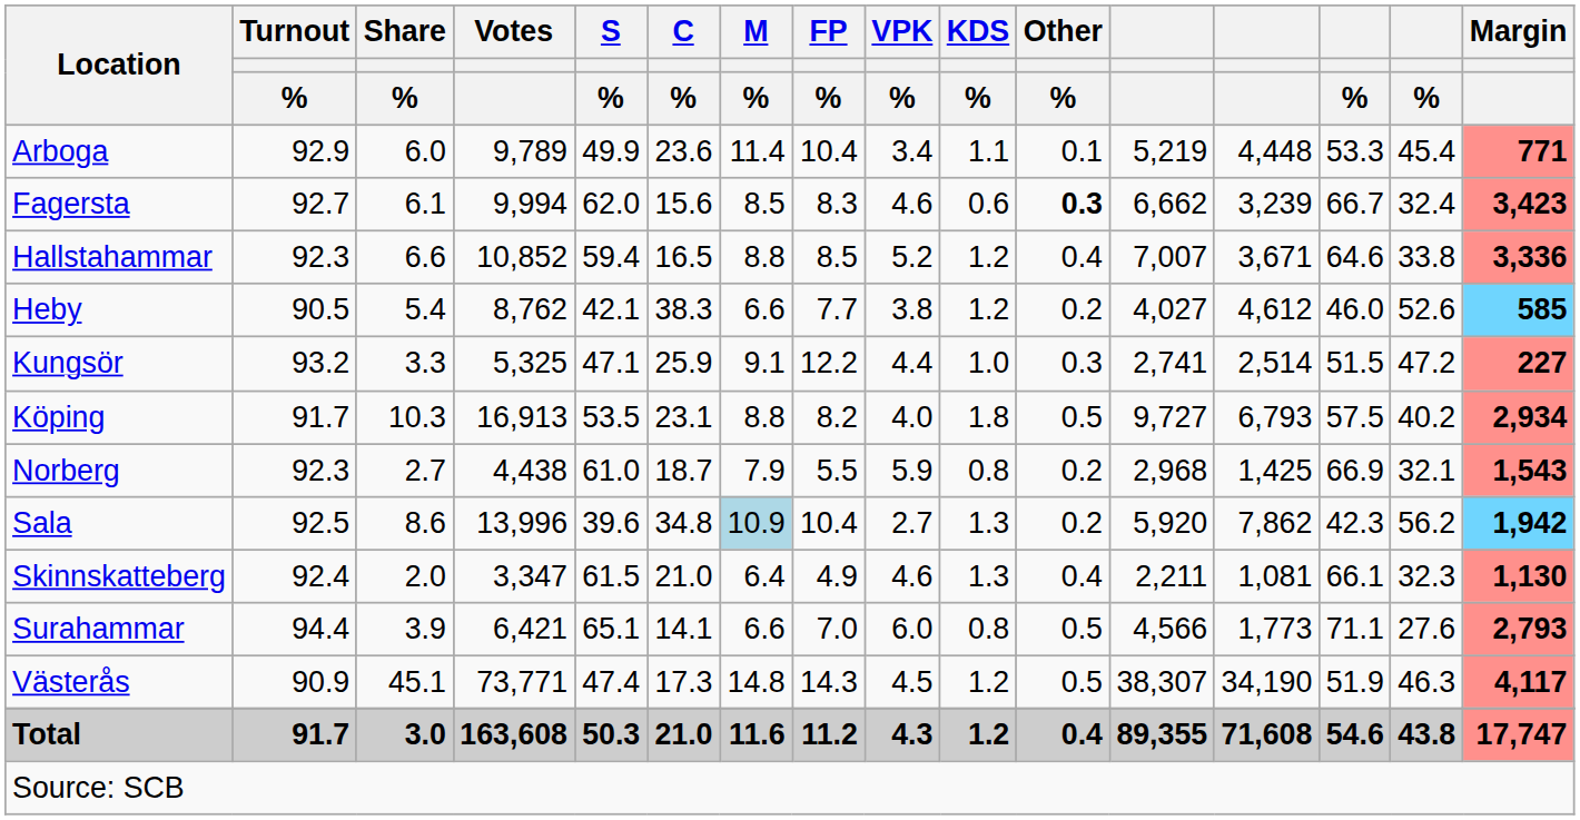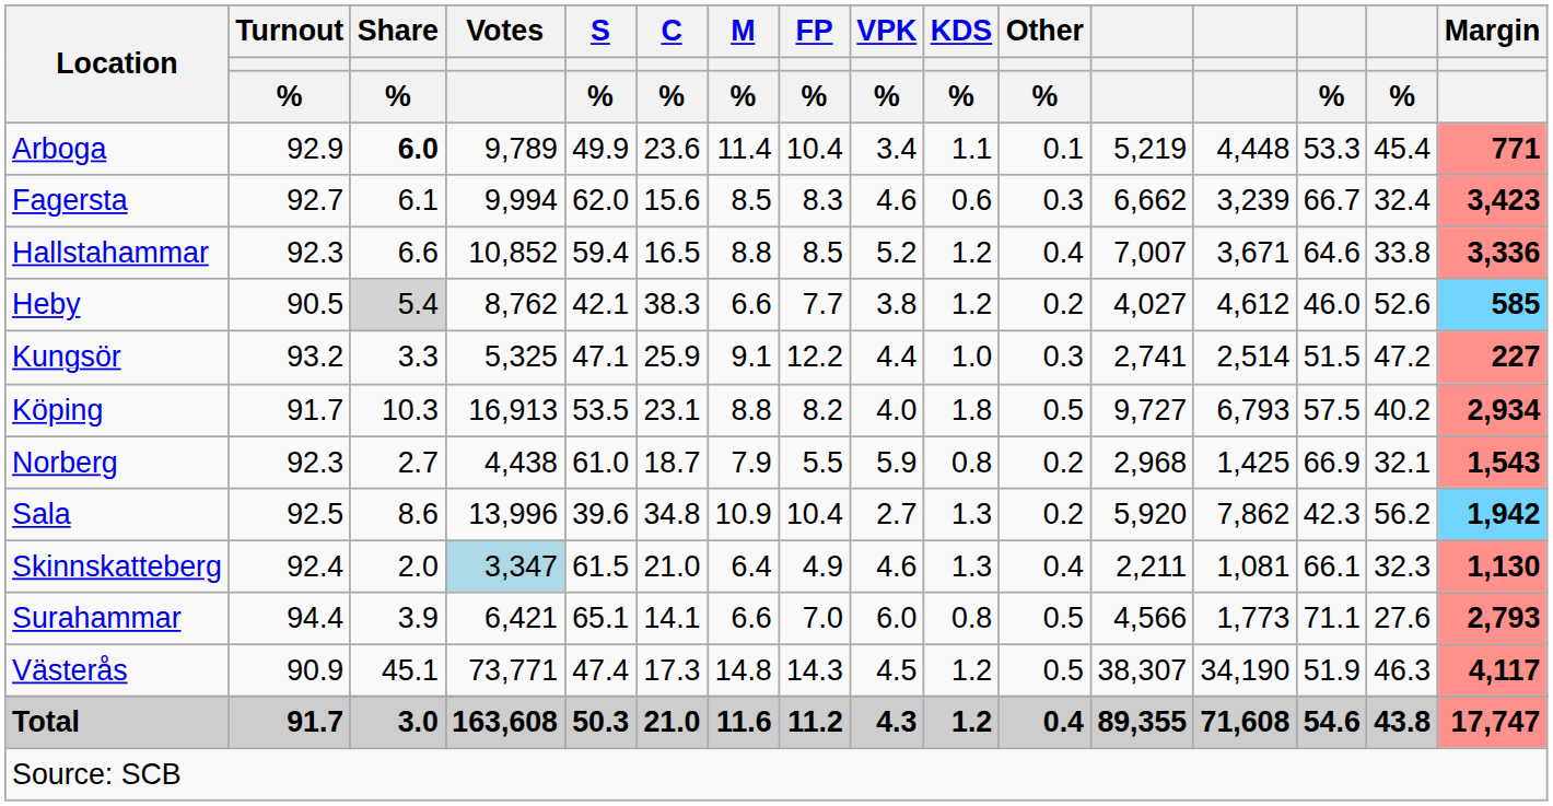 <table class="wikitable sortable" style="text-align:right; font-size:95%; line-height:20px;">
 <tr>
 <th rowspan="3">Location</th>
 <th>Turnout</th>
 <th>Share</th>
 <th>Votes</th>
 <th width="30px" class="unsortable"><a href='#'>S</a></th>
 <th width="30px" class="unsortable"><a href='#'>C</a></th>
 <th width="30px" class="unsortable"><a href='#'>M</a></th>
 <th width="30px" class="unsortable"><a href='#'>FP</a></th>
 <th width="30px" class="unsortable"><a href='#'>VPK</a></th>
 <th width="30px" class="unsortable"><a href='#'>KDS</a></th>
 <th width="30px" class="unsortable">Other</th>
 <th></th>
 <th></th>
 <th></th>
 <th></th>
 <th>Margin</th>
 </tr>
 <tr>
 <th></th>
 <th></th>
 <th></th>
 <th style="background:"></th>
 <th style="background:"></th>
 <th style="background:"></th>
 <th style="background:"></th>
 <th style="background:"></th>
 <th style="background:"></th>
 <th style="background:"></th>
 <th style="background:"></th>
 <th style="background:"></th>
 <th style="background:"></th>
 <th style="background:"></th>
 <th></th>
 </tr>
 <tr>
 <th data-sort-type="number">%</th>
 <th data-sort-type="number">%</th>
 <th></th>
 <th data-sort-type="number">%</th>
 <th data-sort-type="number">%</th>
 <th data-sort-type="number">%</th>
 <th data-sort-type="number">%</th>
 <th data-sort-type="number">%</th>
 <th data-sort-type="number">%</th>
 <th data-sort-type="number">%</th>
 <th data-sort-type="number"></th>
 <th data-sort-type="number"></th>
 <th data-sort-type="number">%</th>
 <th data-sort-type="number">%</th>
 <th data-sort-type="number"></th>
 </tr>
 <tr>
 <td align=left><a href='#'>Arboga</a></td>
 <td>92.9</td>
-<td>6.0</td>
+<td><strong>6.0</strong></td>
 <td>9,789</td>
 <td>49.9</td>
 <td>23.6</td>
 <td>11.4</td>
 <td>10.4</td>
 <td>3.4</td>
 <td>1.1</td>
 <td>0.1</td>
 <td>5,219</td>
 <td>4,448</td>
 <td>53.3</td>
 <td>45.4</td>
 <td bgcolor=#ff908c><strong>771</strong></td>
 </tr>
 <tr>
 <td align=left><a href='#'>Fagersta</a></td>
 <td>92.7</td>
 <td>6.1</td>
 <td>9,994</td>
 <td>62.0</td>
 <td>15.6</td>
 <td>8.5</td>
 <td>8.3</td>
 <td>4.6</td>
 <td>0.6</td>
-<td><strong>0.3</strong></td>
+<td>0.3</td>
 <td>6,662</td>
 <td>3,239</td>
 <td>66.7</td>
 <td>32.4</td>
 <td bgcolor=#ff908c><strong>3,423</strong></td>
 </tr>
 <tr>
 <td align=left><a href='#'>Hallstahammar</a></td>
 <td>92.3</td>
 <td>6.6</td>
 <td>10,852</td>
 <td>59.4</td>
 <td>16.5</td>
 <td>8.8</td>
 <td>8.5</td>
 <td>5.2</td>
 <td>1.2</td>
 <td>0.4</td>
 <td>7,007</td>
 <td>3,671</td>
 <td>64.6</td>
 <td>33.8</td>
 <td bgcolor=#ff908c><strong>3,336</strong></td>
 </tr>
 <tr>
 <td align=left><a href='#'>Heby</a></td>
 <td>90.5</td>
-<td>5.4</td>
+<td style="background: lightgrey;">5.4</td>
 <td>8,762</td>
 <td>42.1</td>
 <td>38.3</td>
 <td>6.6</td>
 <td>7.7</td>
 <td>3.8</td>
 <td>1.2</td>
 <td>0.2</td>
 <td>4,027</td>
 <td>4,612</td>
 <td>46.0</td>
 <td>52.6</td>
 <td bgcolor=#6fd5fe><strong>585</strong></td>
 </tr>
 <tr>
 <td align=left><a href='#'>Kungsör</a></td>
 <td>93.2</td>
 <td>3.3</td>
 <td>5,325</td>
 <td>47.1</td>
 <td>25.9</td>
 <td>9.1</td>
 <td>12.2</td>
 <td>4.4</td>
 <td>1.0</td>
 <td>0.3</td>
 <td>2,741</td>
 <td>2,514</td>
 <td>51.5</td>
 <td>47.2</td>
 <td bgcolor=#ff908c><strong>227</strong></td>
 </tr>
 <tr>
 <td align=left><a href='#'>Köping</a></td>
 <td>91.7</td>
 <td>10.3</td>
 <td>16,913</td>
 <td>53.5</td>
 <td>23.1</td>
 <td>8.8</td>
 <td>8.2</td>
 <td>4.0</td>
 <td>1.8</td>
 <td>0.5</td>
 <td>9,727</td>
 <td>6,793</td>
 <td>57.5</td>
 <td>40.2</td>
 <td bgcolor=#ff908c><strong>2,934</strong></td>
 </tr>
 <tr>
 <td align=left><a href='#'>Norberg</a></td>
 <td>92.3</td>
 <td>2.7</td>
 <td>4,438</td>
 <td>61.0</td>
 <td>18.7</td>
 <td>7.9</td>
 <td>5.5</td>
 <td>5.9</td>
 <td>0.8</td>
 <td>0.2</td>
 <td>2,968</td>
 <td>1,425</td>
 <td>66.9</td>
 <td>32.1</td>
 <td bgcolor=#ff908c><strong>1,543</strong></td>
 </tr>
 <tr>
 <td align=left><a href='#'>Sala</a></td>
 <td>92.5</td>
 <td>8.6</td>
 <td>13,996</td>
 <td>39.6</td>
 <td>34.8</td>
-<td style="background: lightblue;">10.9</td>
+<td>10.9</td>
 <td>10.4</td>
 <td>2.7</td>
 <td>1.3</td>
 <td>0.2</td>
 <td>5,920</td>
 <td>7,862</td>
 <td>42.3</td>
 <td>56.2</td>
 <td bgcolor=#6fd5fe><strong>1,942</strong></td>
 </tr>
 <tr>
 <td align=left><a href='#'>Skinnskatteberg</a></td>
 <td>92.4</td>
 <td>2.0</td>
-<td>3,347</td>
+<td style="background: lightblue;">3,347</td>
 <td>61.5</td>
 <td>21.0</td>
 <td>6.4</td>
 <td>4.9</td>
 <td>4.6</td>
 <td>1.3</td>
 <td>0.4</td>
 <td>2,211</td>
 <td>1,081</td>
 <td>66.1</td>
 <td>32.3</td>
 <td bgcolor=#ff908c><strong>1,130</strong></td>
 </tr>
 <tr>
 <td align=left><a href='#'>Surahammar</a></td>
 <td>94.4</td>
 <td>3.9</td>
 <td>6,421</td>
 <td>65.1</td>
 <td>14.1</td>
 <td>6.6</td>
 <td>7.0</td>
 <td>6.0</td>
 <td>0.8</td>
 <td>0.5</td>
 <td>4,566</td>
 <td>1,773</td>
 <td>71.1</td>
 <td>27.6</td>
 <td bgcolor=#ff908c><strong>2,793</strong></td>
 </tr>
 <tr>
 <td align=left><a href='#'>Västerås</a></td>
 <td>90.9</td>
 <td>45.1</td>
 <td>73,771</td>
 <td>47.4</td>
 <td>17.3</td>
 <td>14.8</td>
 <td>14.3</td>
 <td>4.5</td>
 <td>1.2</td>
 <td>0.5</td>
 <td>38,307</td>
 <td>34,190</td>
 <td>51.9</td>
 <td>46.3</td>
 <td bgcolor=#ff908c><strong>4,117</strong></td>
 </tr>
 <tr>
 </tr>
 <tr style="background:#CDCDCD;">
 <td align=left><strong>Total</strong></td>
 <td><strong>91.7</strong></td>
 <td><strong>3.0</strong></td>
 <td><strong>163,608</strong></td>
 <td><strong>50.3</strong></td>
 <td><strong>21.0</strong></td>
 <td><strong>11.6</strong></td>
 <td><strong>11.2</strong></td>
 <td><strong>4.3</strong></td>
 <td><strong>1.2</strong></td>
 <td><strong>0.4</strong></td>
 <td><strong>89,355</strong></td>
 <td><strong>71,608</strong></td>
 <td><strong>54.6</strong></td>
 <td><strong>43.8</strong></td>
 <td bgcolor=#ff908c><strong>17,747</strong></td>
 </tr>
 <tr>
 <td align=left colspan=16>Source: SCB </td>
 </tr>
 </table>
